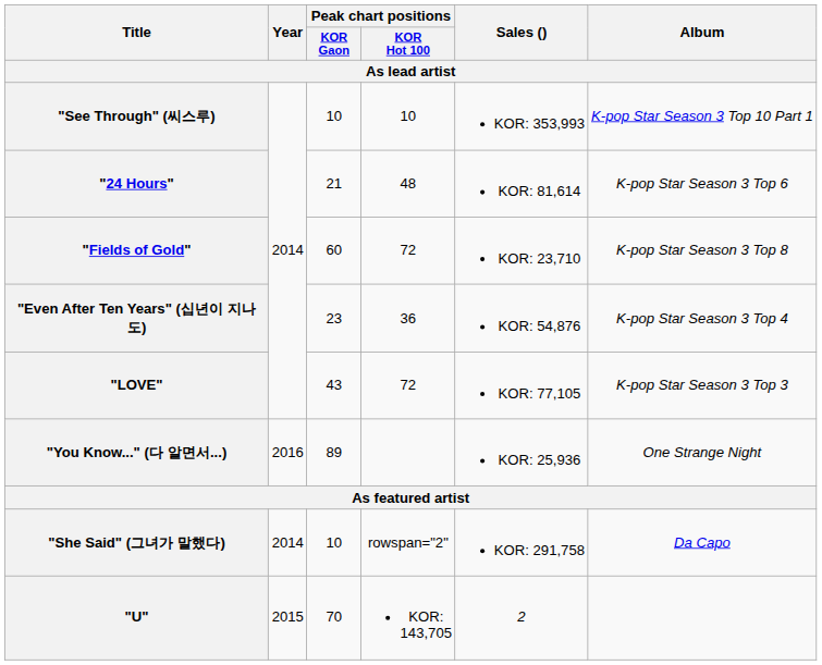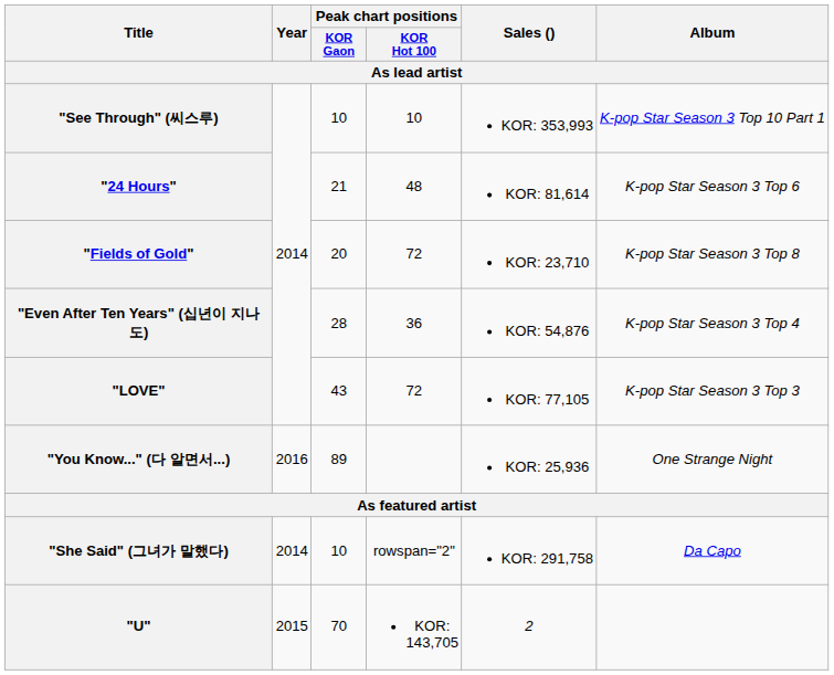 <table class="wikitable plainrowheaders" style="text-align:center">
 <tr>
 <th scope="col" rowspan="2" style="width:18em;">Title</th>
 <th scope="col" rowspan="2">Year</th>
 <th scope="col" colspan="2" style="width:8em;">Peak chart positions</th>
 <th scope="col" rowspan="2">Sales ()</th>
 <th scope="col" rowspan="2">Album</th>
 </tr>
 <tr>
 <th style="width:4em;font-size:85%;"><a href='#'>KOR<br>Gaon</a><br></th>
 <th style="width:4em;font-size:85%;"><a href='#'>KOR<br>Hot 100</a><br></th>
 </tr>
 <tr>
 <th colspan="6">As lead artist</th>
 </tr>
 <tr>
 <th scope="row">"See Through" (씨스루)</th>
 <td rowspan="5">2014</td>
 <td>10</td>
 <td>10</td>
 <td><br><ul><li>KOR: 353,993</li></ul></td>
 <td><em><a href='#'>K-pop Star Season 3</a> Top 10 Part 1</em></td>
 </tr>
 <tr>
 <th scope="row">"<a href='#'>24 Hours</a>"</th>
 <td>21</td>
 <td>48</td>
 <td><br><ul><li>KOR: 81,614</li></ul></td>
 <td><em>K-pop Star Season 3 Top 6</em></td>
 </tr>
 <tr>
 <th scope="row">"<a href='#'>Fields of Gold</a>"</th>
-<td>60</td>
+<td>20</td>
 <td>72</td>
 <td><br><ul><li>KOR: 23,710</li></ul></td>
 <td><em>K-pop Star Season 3 Top 8</em></td>
 </tr>
 <tr>
 <th scope="row">"Even After Ten Years" (십년이 지나도)</th>
-<td>23</td>
+<td>28</td>
 <td>36</td>
 <td><br><ul><li>KOR: 54,876</li></ul></td>
 <td><em>K-pop Star Season 3 Top 4</em></td>
 </tr>
 <tr>
 <th scope="row">"LOVE"</th>
 <td>43</td>
 <td>72</td>
 <td><br><ul><li>KOR: 77,105</li></ul></td>
 <td><em>K-pop Star Season 3 Top 3</em></td>
 </tr>
 <tr>
 <th scope="row">"You Know..." (다 알면서...)<br></th>
 <td>2016</td>
 <td>89</td>
 <td></td>
 <td><br><ul><li>KOR: 25,936</li></ul></td>
 <td><em>One Strange Night</em></td>
 </tr>
 <tr>
 <th colspan="6">As featured artist</th>
 </tr>
 <tr>
 <th scope="row">"She Said" (그녀가 말했다)<br></th>
 <td>2014</td>
 <td>10</td>
 <td>rowspan="2" </td>
 <td><br><ul><li>KOR: 291,758</li></ul></td>
 <td><em><a href='#'>Da Capo</a></em></td>
 </tr>
 <tr>
 <th scope="row">"U"<br></th>
 <td>2015</td>
 <td>70</td>
 <td><br><ul><li>KOR: 143,705</li></ul></td>
 <td><em>2</em></td>
 </tr>
 </table>
